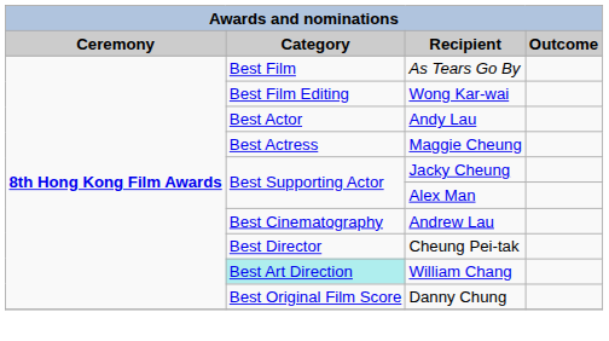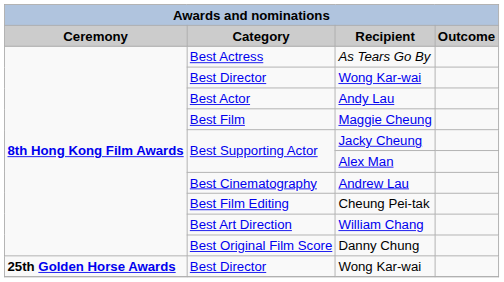 <table class="wikitable" style="font-size:95%;" ;>
 <tr style="background:#ccc; text-align:center;">
 <th colspan="4" style="background: LightSteelBlue;">Awards and nominations</th>
 </tr>
 <tr style="background:#ccc; text-align:center;">
 <th style="background:#ccc">Ceremony</th>
 <th style="background:#ccc">Category</th>
 <th style="background:#ccc">Recipient</th>
 <th style="background:#ccc">Outcome</th>
 </tr>
 <tr>
 <td rowspan=10><strong><a href='#'>8th Hong Kong Film Awards</a></strong></td>
-<td><a href='#'>Best Film</a></td>
+<td><a href='#'>Best Actress</a></td>
 <td><em>As Tears Go By</em></td>
 <td></td>
 </tr>
 <tr>
-<td><a href='#'>Best Film Editing</a></td>
+<td><a href='#'>Best Director</a></td>
 <td><a href='#'>Wong Kar-wai</a></td>
 <td></td>
 </tr>
 <tr>
 <td><a href='#'>Best Actor</a></td>
 <td><a href='#'>Andy Lau</a></td>
 <td></td>
 </tr>
 <tr>
-<td><a href='#'>Best Actress</a></td>
+<td><a href='#'>Best Film</a></td>
 <td><a href='#'>Maggie Cheung</a></td>
 <td></td>
 </tr>
 <tr>
 <td rowspan=2><a href='#'>Best Supporting Actor</a></td>
 <td><a href='#'>Jacky Cheung</a></td>
 <td></td>
 </tr>
 <tr>
 <td><a href='#'>Alex Man</a></td>
 <td></td>
 </tr>
 <tr>
 <td><a href='#'>Best Cinematography</a></td>
 <td><a href='#'>Andrew Lau</a></td>
 <td></td>
 </tr>
 <tr>
-<td><a href='#'>Best Director</a></td>
+<td><a href='#'>Best Film Editing</a></td>
 <td>Cheung Pei-tak</td>
 <td></td>
 </tr>
 <tr>
-<td style="background: paleturquoise;"><a href='#'>Best Art Direction</a></td>
+<td><a href='#'>Best Art Direction</a></td>
 <td><a href='#'>William Chang</a></td>
 <td></td>
 </tr>
 <tr>
 <td><a href='#'>Best Original Film Score</a></td>
 <td>Danny Chung</td>
 <td></td>
 </tr>
 <tr>
+<td><strong>25th <a href='#'>Golden Horse Awards</a></strong></td>
+<td><a href='#'>Best Director</a></td>
+<td>Wong Kar-wai</td>
+<td></td>
+</tr>
+<tr>
 </tr>
 </table>
